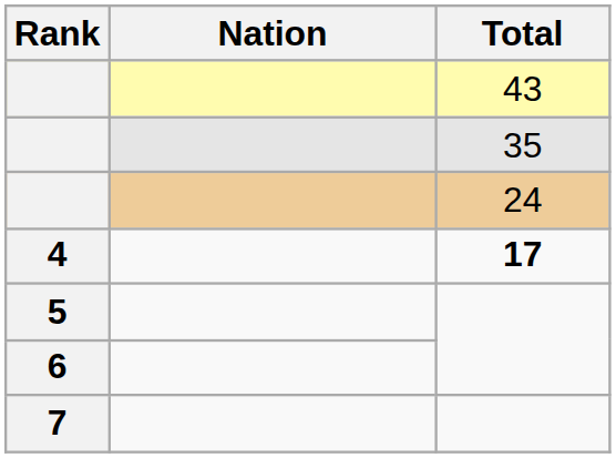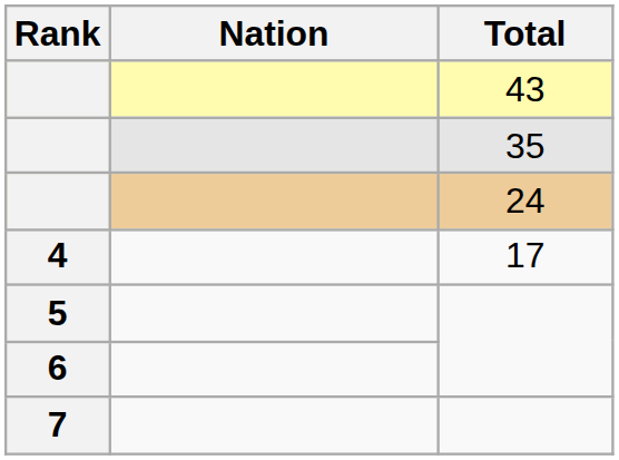 <table class="wikitable sortable" style="text-align:center; font-size:85%">
 <tr>
 <th scope="col" style="width:25px;">Rank</th>
 <th ! scope="col" style="width:120px;">Nation</th>
 <th ! scope="col" style="width:60px;">Total</th>
 </tr>
 <tr bgcolor=fffcaf>
 <th scope=row></th>
 <td align=left></td>
 <td>43</td>
 </tr>
 <tr bgcolor=e5e5e5>
 <th scope=row></th>
 <td align=left></td>
 <td>35</td>
 </tr>
 <tr bgcolor=eecc99>
 <th scope=row></th>
 <td align=left></td>
 <td>24</td>
 </tr>
 <tr>
 <th scope=row>4</th>
 <td align=left></td>
-<td><strong>17</strong></td>
+<td>17</td>
 </tr>
 <tr>
 <th scope=row>5</th>
 <td align=left></td>
 <td rowspan=2></td>
 </tr>
 <tr>
 <th scope=row>6</th>
 <td align=left></td>
 </tr>
 <tr>
 <th scope=row>7</th>
 <td align=left></td>
 <td></td>
 </tr>
 </table>
